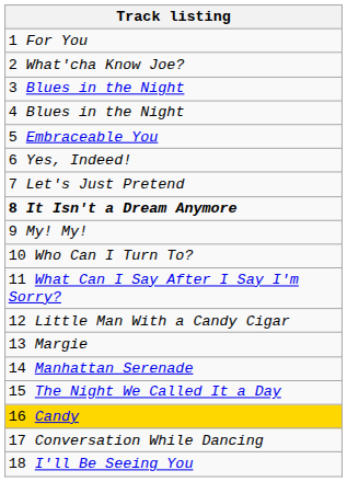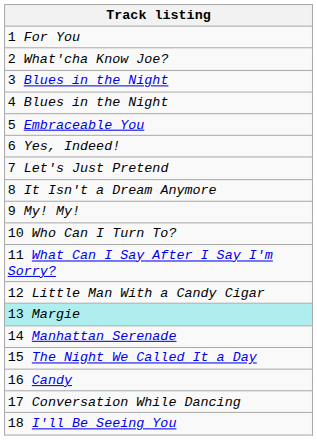 <table class="wikitable collapsible collapsed" style="width:300px;">
 <tr>
 <th>Track listing</th>
 </tr>
 <tr>
 <td>1 <em>For You</em></td>
 </tr>
 <tr>
 <td>2 <em>What'cha Know Joe?</em></td>
 </tr>
 <tr>
 <td>3 <em><a href='#'>Blues in the Night</a></em></td>
 </tr>
 <tr>
 <td>4 <em>Blues in the Night</em></td>
 </tr>
 <tr>
 <td>5 <em><a href='#'>Embraceable You</a></em></td>
 </tr>
 <tr>
 <td>6 <em>Yes, Indeed!</em></td>
 </tr>
 <tr>
 <td>7 <em>Let's Just Pretend</em></td>
 </tr>
 <tr>
-<td><strong>8 <em>It Isn't a Dream Anymore</em></strong></td>
+<td>8 <em>It Isn't a Dream Anymore</em></td>
 </tr>
 <tr>
 <td>9 <em>My! My!</em></td>
 </tr>
 <tr>
 <td>10 <em>Who Can I Turn To?</em></td>
 </tr>
 <tr>
 <td>11 <em><a href='#'>What Can I Say After I Say I'm Sorry?</a></em></td>
 </tr>
 <tr>
 <td>12 <em>Little Man With a Candy Cigar</em></td>
 </tr>
 <tr>
-<td>13 <em>Margie</em></td>
+<td style="background: paleturquoise;">13 <em>Margie</em></td>
 </tr>
 <tr>
 <td>14 <em><a href='#'>Manhattan Serenade</a></em></td>
 </tr>
 <tr>
 <td>15 <em><a href='#'>The Night We Called It a Day</a></em></td>
 </tr>
 <tr>
-<td style="background: gold;">16 <em><a href='#'>Candy</a></em></td>
+<td>16 <em><a href='#'>Candy</a></em></td>
 </tr>
 <tr>
 <td>17 <em>Conversation While Dancing</em></td>
 </tr>
 <tr>
 <td>18 <em><a href='#'>I'll Be Seeing You</a></em></td>
 </tr>
 </table>
